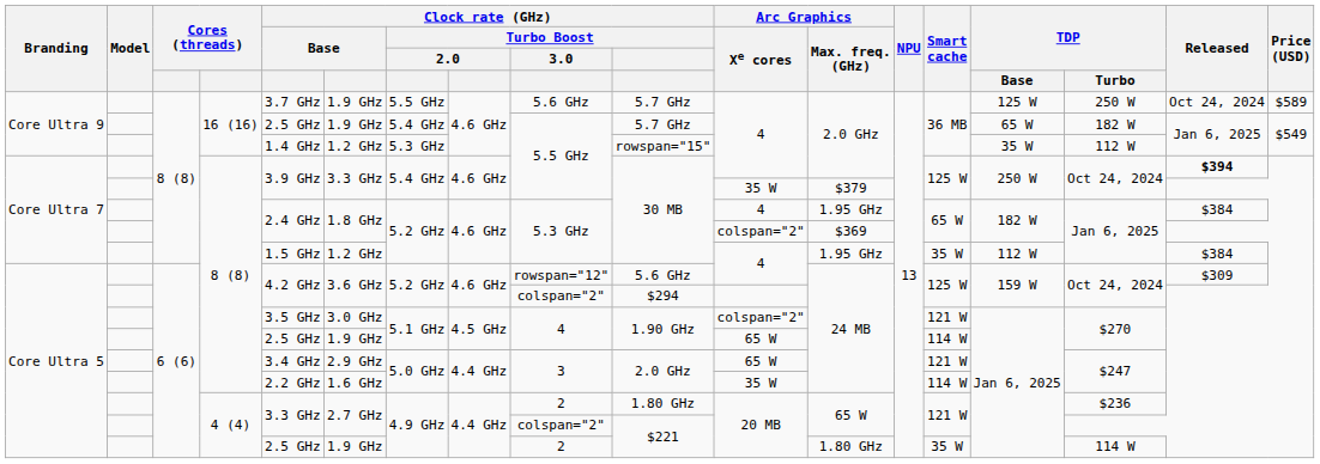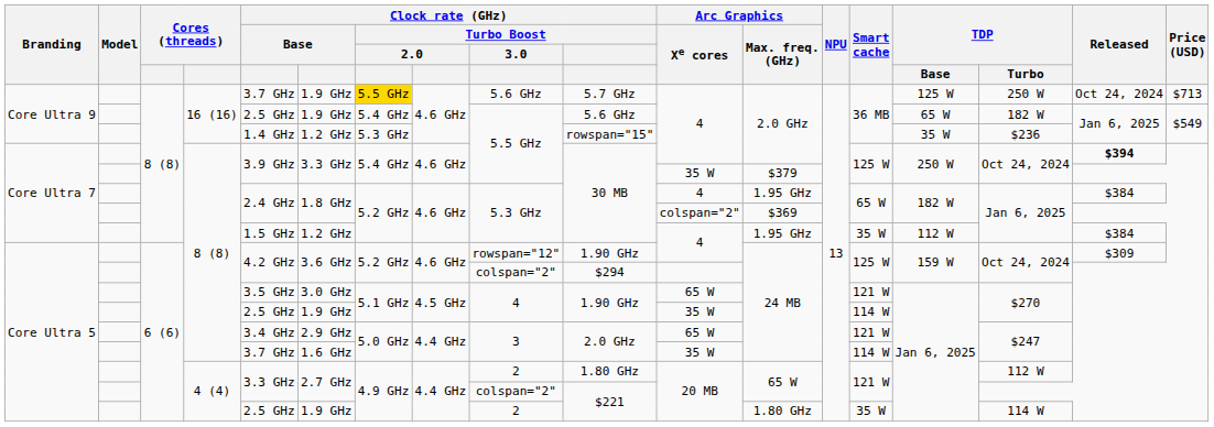 <table class="wikitable sortable" style="text-align: center;">
 <tr>
 <th rowspan="4">Branding</th>
 <th rowspan="4">Model</th>
 <th colspan="2" rowspan="3"><a href='#'>Cores</a><br>(<a href='#'>threads</a>)</th>
 <th colspan="6"><a href='#'>Clock rate</a> (GHz)</th>
 <th colspan="2"><a href='#'>Arc Graphics</a></th>
 <th rowspan="4"><a href='#'>NPU</a></th>
 <th rowspan="4"><a href='#'>Smart<br>cache</a></th>
 <th colspan="2" rowspan="3"><a href='#'>TDP</a></th>
 <th rowspan="4">Released</th>
 <th rowspan="4">Price <br> (USD)</th>
 </tr>
 <tr>
 <th colspan="2" rowspan="2">Base</th>
 <th colspan="4"><a href='#'>Turbo Boost</a></th>
 <th rowspan="3">X<sup>e</sup> cores</th>
 <th rowspan="3">Max. freq.<br>(GHz)</th>
 </tr>
 <tr>
 <th colspan="2">2.0</th>
 <th>3.0</th>
 <th></th>
 </tr>
 <tr>
 <th></th>
 <th></th>
 <th></th>
 <th></th>
 <th></th>
 <th></th>
 <th></th>
 <th></th>
 <th>Base</th>
 <th>Turbo</th>
 </tr>
 <tr>
 <td rowspan="3">Core Ultra 9</td>
 <td></td>
 <td rowspan="8">8 (8)</td>
 <td rowspan="3">16 (16)</td>
 <td>3.7 GHz</td>
 <td>1.9 GHz</td>
-<td>5.5 GHz</td>
+<td style="background: gold;">5.5 GHz</td>
 <td rowspan="3">4.6 GHz</td>
 <td>5.6 GHz</td>
 <td>5.7 GHz</td>
 <td rowspan="4">4</td>
 <td rowspan="4">2.0 GHz</td>
 <td rowspan="17">13</td>
 <td rowspan="3">36 MB</td>
 <td>125 W</td>
 <td>250 W</td>
 <td>Oct 24, 2024</td>
-<td>$589</td>
+<td>$713</td>
 </tr>
 <tr>
 <td></td>
 <td>2.5 GHz</td>
 <td>1.9 GHz</td>
 <td>5.4 GHz</td>
 <td rowspan="4">5.5 GHz</td>
-<td>5.7 GHz</td>
+<td>5.6 GHz</td>
 <td>65 W</td>
 <td>182 W</td>
 <td rowspan="2">Jan 6, 2025</td>
 <td rowspan="2">$549</td>
 </tr>
 <tr>
 <td></td>
 <td>1.4 GHz</td>
 <td>1.2 GHz</td>
 <td>5.3 GHz</td>
 <td>rowspan="15" </td>
 <td>35 W</td>
-<td>112 W</td>
+<td>$236</td>
 </tr>
 <tr>
 <td rowspan="5">Core Ultra 7</td>
 <td></td>
 <td rowspan="11">8 (8)</td>
 <td rowspan="2">3.9 GHz</td>
 <td rowspan="2">3.3 GHz</td>
 <td rowspan="2">5.4 GHz</td>
 <td rowspan="2">4.6 GHz</td>
 <td rowspan="5">30 MB</td>
 <td rowspan="2">125 W</td>
 <td rowspan="2">250 W</td>
 <td rowspan="2">Oct 24, 2024</td>
 <td><strong>$394</strong></td>
 </tr>
 <tr>
 <td></td>
 <td>35 W</td>
 <td>$379</td>
 </tr>
 <tr>
 <td></td>
 <td rowspan="2">2.4 GHz</td>
 <td rowspan="2">1.8 GHz</td>
 <td rowspan="3">5.2 GHz</td>
 <td rowspan="3">4.6 GHz</td>
 <td rowspan="3">5.3 GHz</td>
 <td>4</td>
 <td>1.95 GHz</td>
 <td rowspan="2">65 W</td>
 <td rowspan="2">182 W</td>
 <td rowspan="3">Jan 6, 2025</td>
 <td>$384</td>
 </tr>
 <tr>
 <td></td>
 <td>colspan="2" </td>
 <td>$369</td>
 </tr>
 <tr>
 <td></td>
 <td>1.5 GHz</td>
 <td>1.2 GHz</td>
 <td rowspan="2">4</td>
 <td>1.95 GHz</td>
 <td>35 W</td>
 <td>112 W</td>
 <td>$384</td>
 </tr>
 <tr>
 <td rowspan="9">Core Ultra 5</td>
 <td></td>
 <td rowspan="9">6 (6)</td>
 <td rowspan="2">4.2 GHz</td>
 <td rowspan="2">3.6 GHz</td>
 <td rowspan="2">5.2 GHz</td>
 <td rowspan="2">4.6 GHz</td>
 <td>rowspan="12" </td>
-<td>5.6 GHz</td>
+<td>1.90 GHz</td>
 <td rowspan="6">24 MB</td>
 <td rowspan="2">125 W</td>
 <td rowspan="2">159 W</td>
 <td rowspan="2">Oct 24, 2024</td>
 <td>$309</td>
 </tr>
 <tr>
 <td></td>
 <td>colspan="2" </td>
 <td>$294</td>
 </tr>
 <tr>
 <td></td>
 <td>3.5 GHz</td>
 <td>3.0 GHz</td>
 <td rowspan="2">5.1 GHz</td>
 <td rowspan="2">4.5 GHz</td>
 <td rowspan="2">4</td>
 <td rowspan="2">1.90 GHz</td>
-<td>colspan="2" </td>
+<td>65 W</td>
 <td>121 W</td>
 <td rowspan="7">Jan 6, 2025</td>
 <td rowspan="2">$270</td>
 </tr>
 <tr>
 <td></td>
 <td>2.5 GHz</td>
 <td>1.9 GHz</td>
-<td>65 W</td>
+<td>35 W</td>
 <td>114 W</td>
 </tr>
 <tr>
 <td></td>
 <td>3.4 GHz</td>
 <td>2.9 GHz</td>
 <td rowspan="2">5.0 GHz</td>
 <td rowspan="2">4.4 GHz</td>
 <td rowspan="2">3</td>
 <td rowspan="2">2.0 GHz</td>
 <td>65 W</td>
 <td>121 W</td>
 <td rowspan="2">$247</td>
 </tr>
 <tr>
 <td></td>
-<td>2.2 GHz</td>
+<td>3.7 GHz</td>
 <td>1.6 GHz</td>
 <td>35 W</td>
 <td>114 W</td>
 </tr>
 <tr>
 <td></td>
 <td rowspan="3">4 (4)</td>
 <td rowspan="2">3.3 GHz</td>
 <td rowspan="2">2.7 GHz</td>
 <td rowspan="3">4.9 GHz</td>
 <td rowspan="3">4.4 GHz</td>
 <td>2</td>
 <td>1.80 GHz</td>
 <td rowspan="3">20 MB</td>
 <td rowspan="2">65 W</td>
 <td rowspan="2">121 W</td>
-<td>$236</td>
+<td>112 W</td>
 </tr>
 <tr>
 <td></td>
 <td>colspan="2" </td>
 <td rowspan="2">$221</td>
 </tr>
 <tr>
 <td></td>
 <td>2.5 GHz</td>
 <td>1.9 GHz</td>
 <td>2</td>
 <td>1.80 GHz</td>
 <td>35 W</td>
 <td>114 W</td>
 </tr>
 </table>
